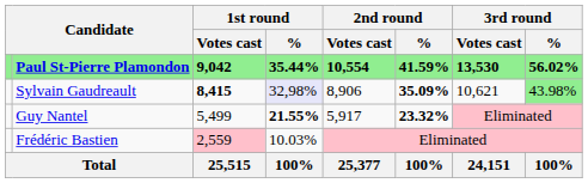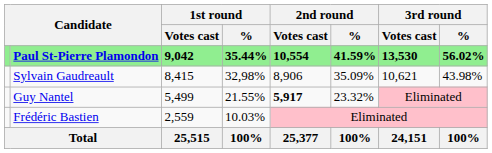 <table class="wikitable">
 <tr>
 <th rowspan="2" colspan="2">Candidate</th>
 <th colspan="2">1st round</th>
 <th colspan="2">2nd round</th>
 <th colspan="2">3rd round</th>
 </tr>
 <tr>
 <th>Votes cast</th>
 <th>%</th>
 <th>Votes cast</th>
 <th>%</th>
 <th>Votes cast</th>
 <th>%</th>
 </tr>
 <tr style="background:lightgreen;">
 <td></td>
 <td><strong><a href='#'>Paul St-Pierre Plamondon</a></strong></td>
 <td><strong>9,042</strong></td>
 <td><strong>35.44%</strong></td>
 <td><strong>10,554</strong></td>
 <td><strong>41.59%</strong></td>
 <td><strong>13,530</strong></td>
 <td><strong>56.02%</strong></td>
 </tr>
 <tr>
 <td></td>
 <td><a href='#'>Sylvain Gaudreault</a></td>
-<td><strong>8,415</strong></td>
-<td style="background: lavender;">32,98%</td>
+<td>8,415</td>
+<td>32,98%</td>
 <td>8,906</td>
-<td><strong>35.09%</strong></td>
+<td>35.09%</td>
 <td>10,621</td>
-<td style="background: lightgreen;">43.98%</td>
+<td>43.98%</td>
 </tr>
 <tr>
 <td></td>
 <td><a href='#'>Guy Nantel</a></td>
 <td>5,499</td>
-<td><strong>21.55%</strong></td>
-<td>5,917</td>
-<td><strong>23.32%</strong></td>
+<td>21.55%</td>
+<td><strong>5,917</strong></td>
+<td>23.32%</td>
 <td colspan="2" style="background:pink; text-align:center">Eliminated</td>
 </tr>
 <tr>
 <td></td>
 <td><a href='#'>Frédéric Bastien</a></td>
-<td style="background: pink;">2,559</td>
+<td>2,559</td>
 <td>10.03%</td>
 <td colspan="4" style="background:pink; text-align:center">Eliminated</td>
 </tr>
 <tr>
 <th colspan="2">Total</th>
 <th align="right">25,515</th>
 <th align="right">100%</th>
 <th align="right">25,377</th>
 <th align="right">100%</th>
 <th align="right">24,151</th>
 <th align="right">100%</th>
 </tr>
 </table>
